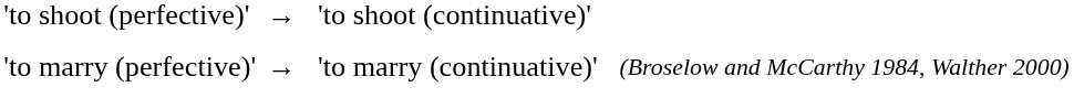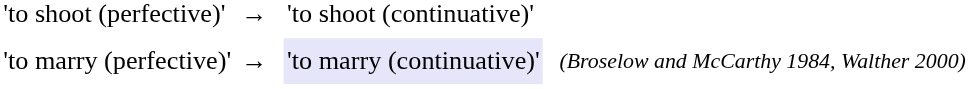 <table style="line-height: 1.4em;" cellpadding="2">
 <tr>
 <td> </td>
 <td> </td>
 <td></td>
 <td>'to shoot (perfective)'</td>
 <td>→</td>
 <td></td>
 <td>'to shoot (continuative)'</td>
 <td></td>
 </tr>
 <tr>
 <td> </td>
 <td> </td>
 <td></td>
 <td>'to marry (perfective)'</td>
 <td>→</td>
 <td></td>
-<td>'to marry (continuative)'</td>
+<td style="background: lavender;">'to marry (continuative)'</td>
 <td></td>
 <td><small><cite>(Broselow and McCarthy 1984, Walther 2000)</cite></small></td>
 </tr>
 </table>
